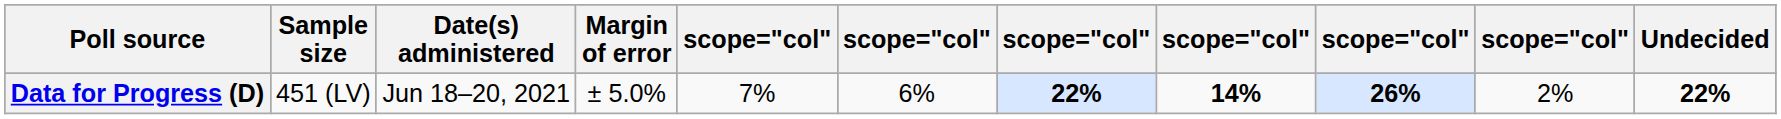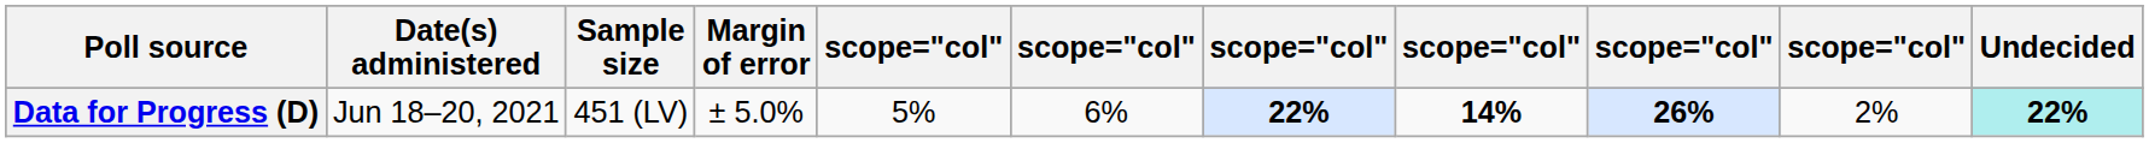 <table class="wikitable plainrowheaders" style="text-align:center; font-size:90%;">
 <tr>
 <th scope="col">Poll source</th>
+<th scope="col">Date(s)<br>administered</th>
 <th scope="col">Sample<br>size</th>
-<th scope="col">Date(s)<br>administered</th>
 <th scope="col">Margin<br>of error</th>
 <th>scope="col" </th>
 <th>scope="col" </th>
 <th>scope="col" </th>
 <th>scope="col" </th>
 <th>scope="col" </th>
 <th>scope="col" </th>
 <th scope="col">Undecided</th>
 </tr>
 <tr>
 <th scope="row"><a href='#'>Data for Progress</a> (D)</th>
+<td>Jun 18–20, 2021</td>
 <td>451 (LV)</td>
-<td>Jun 18–20, 2021</td>
 <td>± 5.0%</td>
-<td>7%</td>
+<td>5%</td>
 <td>6%</td>
 <td style="background:#d7e7ff"><strong>22%</strong></td>
 <td><strong>14%</strong></td>
 <td style="background:#d7e7ff"><strong>26%</strong></td>
 <td>2%</td>
-<td><strong>22%</strong></td>
+<td style="background: paleturquoise;"><strong>22%</strong></td>
 </tr>
 </table>
